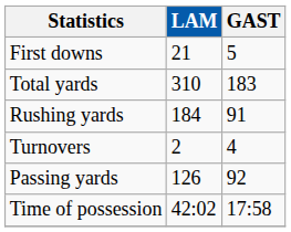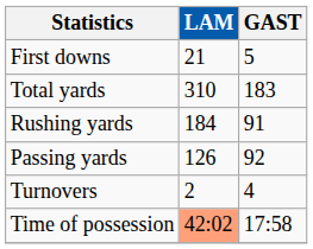 <table class="wikitable" style="float: left;">
 <tr>
 <th>Statistics</th>
 <th style="background:#045bab; color:white; ">LAM</th>
 <th>GAST</th>
 </tr>
 <tr>
 <td>First downs</td>
 <td>21</td>
 <td>5</td>
 </tr>
 <tr>
 <td>Total yards</td>
 <td>310</td>
 <td>183</td>
 </tr>
 <tr>
 <td>Rushing yards</td>
 <td>184</td>
 <td>91</td>
 </tr>
 <tr>
+<td>Passing yards</td>
+<td>126</td>
+<td>92</td>
+</tr>
+<tr>
 <td>Turnovers</td>
 <td>2</td>
 <td>4</td>
 </tr>
 <tr>
-<td>Passing yards</td>
-<td>126</td>
-<td>92</td>
-</tr>
-<tr>
 <td>Time of possession</td>
-<td>42:02</td>
+<td style="background: lightsalmon;">42:02</td>
 <td>17:58</td>
 </tr>
 <tr>
 </tr>
 </table>
